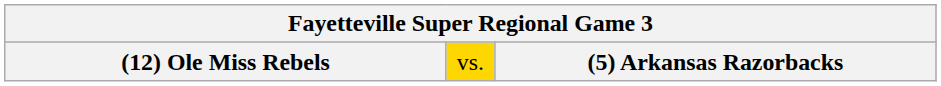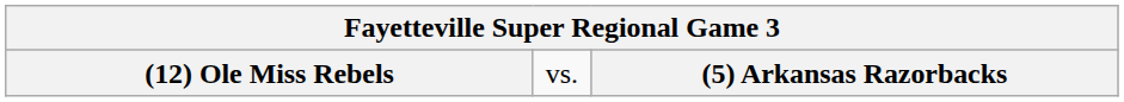 <table class="wikitable">
 <tr>
 <th style="width: 604px;" colspan=3>Fayetteville Super Regional Game 3</th>
 </tr>
 <tr>
 <th style="width: 289px; ">(12) Ole Miss Rebels</th>
-<td style="background: gold; width: 25px; text-align:center">vs.</td>
+<td style="width: 25px; text-align:center">vs.</td>
 <th style="width: 289px; ">(5) Arkansas Razorbacks</th>
 </tr>
 </table>
